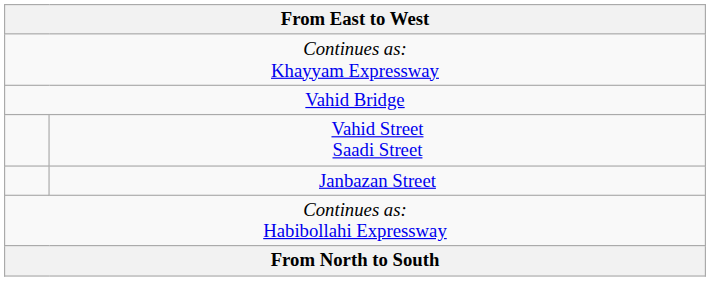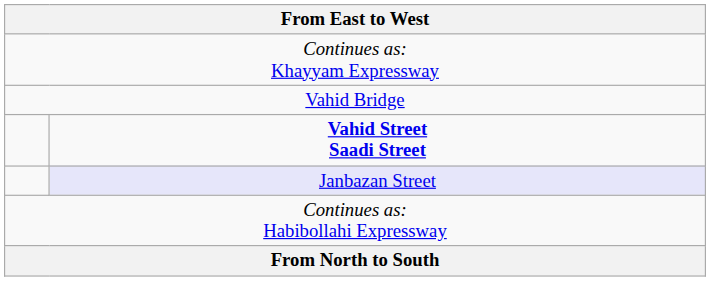 <table class="wikitable" style="text-align:center" width="600px">
 <tr>
 <th text-align="center" colspan="3"> From East to West </th>
 </tr>
 <tr>
 <td colspan="7" align="center"><em>Continues as:</em><br> <a href='#'>Khayyam Expressway</a></td>
 </tr>
 <tr>
 <td text-align="center" colspan="3"> <a href='#'>Vahid Bridge</a></td>
 </tr>
 <tr>
 <td></td>
-<td> <a href='#'>Vahid Street</a><br> <a href='#'>Saadi Street</a></td>
+<td><strong> <a href='#'>Vahid Street</a><br> <a href='#'>Saadi Street</a></strong></td>
 </tr>
 <tr align="center">
 <td><br></td>
-<td> <a href='#'>Janbazan Street</a><br></td>
+<td style="background: lavender;"> <a href='#'>Janbazan Street</a><br></td>
 </tr>
 <tr>
 <td colspan="7" align="center"><em>Continues as:</em><br> <a href='#'>Habibollahi Expressway</a></td>
 </tr>
 <tr>
 <th text-align="center" colspan="3"> From North to South </th>
 </tr>
 </table>
